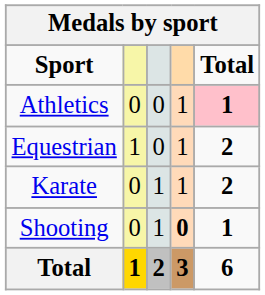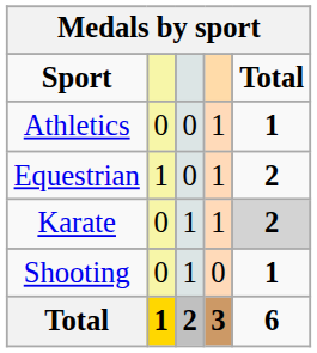 <table class=wikitable style="font-size:85%; float:right;text-align:center">
 <tr bgcolor=EFEFEF>
 <th colspan=7><strong>Medals by sport</strong></th>
 </tr>
 <tr>
 <td><strong>Sport</strong></td>
 <td bgcolor=F7F6A8></td>
 <td bgcolor=DCE5E5></td>
 <td bgcolor=FFDBA9></td>
 <td><strong>Total</strong></td>
 </tr>
 <tr>
 <td><a href='#'>Athletics</a></td>
 <td bgcolor=F7F6A8>0</td>
 <td bgcolor=DCE5E5>0</td>
 <td bgcolor=FFDAB9>1</td>
-<td style="background: pink;"><strong>1</strong></td>
+<td><strong>1</strong></td>
 </tr>
 <tr>
 <td><a href='#'>Equestrian</a></td>
 <td bgcolor=F7F6A8>1</td>
 <td bgcolor=DCE5E5>0</td>
 <td bgcolor=FFDAB9>1</td>
 <td><strong>2</strong></td>
 </tr>
 <tr>
 <td><a href='#'>Karate</a></td>
 <td bgcolor=F7F6A8>0</td>
 <td bgcolor=DCE5E5>1</td>
 <td bgcolor=FFDAB9>1</td>
-<td><strong>2</strong></td>
+<td style="background: lightgrey;"><strong>2</strong></td>
 </tr>
 <tr>
 <td><a href='#'>Shooting</a></td>
 <td bgcolor=F7F6A8>0</td>
 <td bgcolor=DCE5E5>1</td>
-<td bgcolor=FFDAB9><strong>0</strong></td>
+<td bgcolor=FFDAB9>0</td>
 <td><strong>1</strong></td>
 </tr>
 <tr>
 <th><strong>Total</strong></th>
 <td style="background:gold;"><strong>1</strong></td>
 <td style="background:silver;"><strong>2</strong></td>
 <td style="background:#c96;"><strong>3</strong></td>
 <td><strong>6</strong></td>
 </tr>
 </table>
